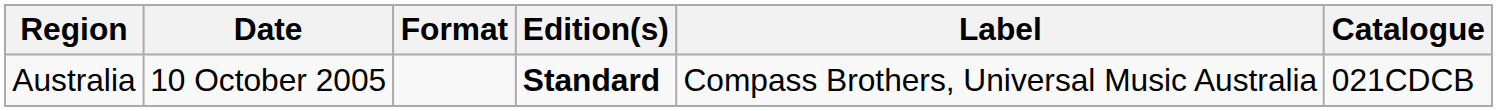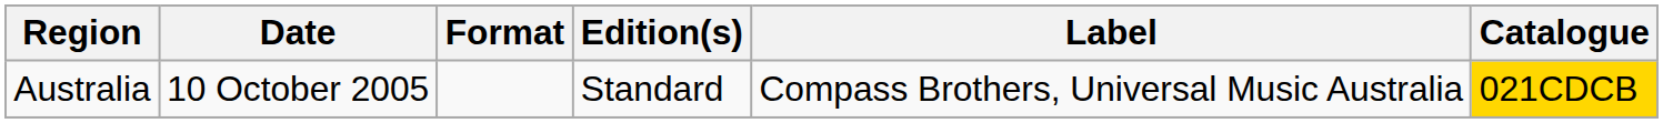 <table class="wikitable plainrowheaders">
 <tr>
 <th scope="col">Region</th>
 <th scope="col">Date</th>
 <th scope="col">Format</th>
 <th scope="col">Edition(s)</th>
 <th scope="col">Label</th>
 <th scope="col">Catalogue</th>
 </tr>
 <tr>
 <td>Australia</td>
 <td>10 October 2005</td>
 <td></td>
-<td><strong>Standard</strong></td>
+<td>Standard</td>
 <td>Compass Brothers, Universal Music Australia</td>
-<td>021CDCB</td>
+<td style="background: gold;">021CDCB</td>
 </tr>
 <tr>
 </tr>
 </table>
